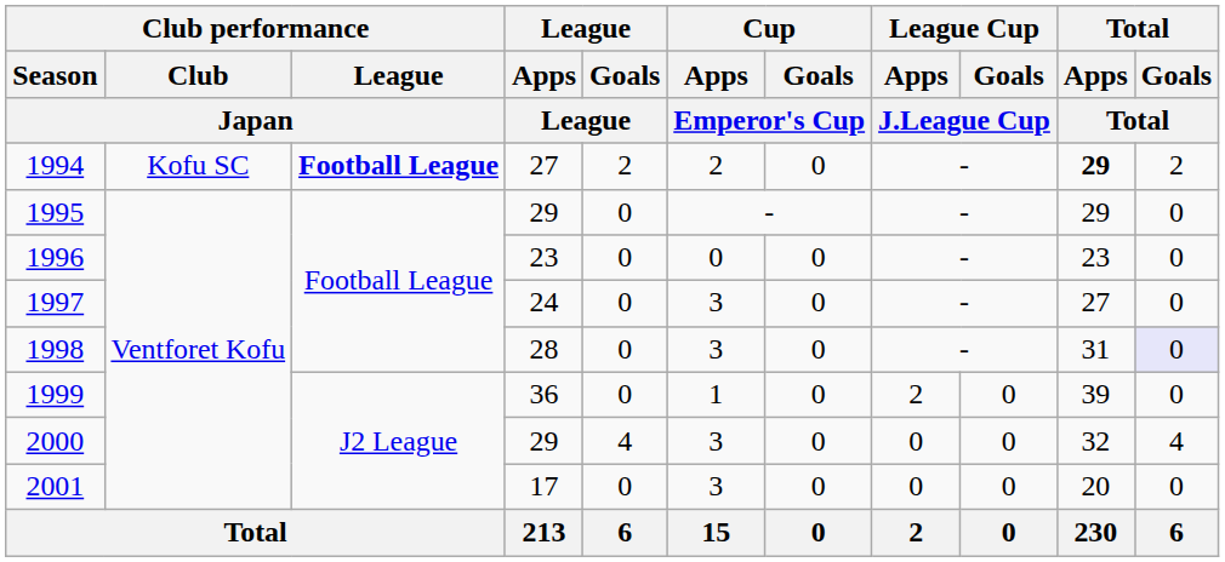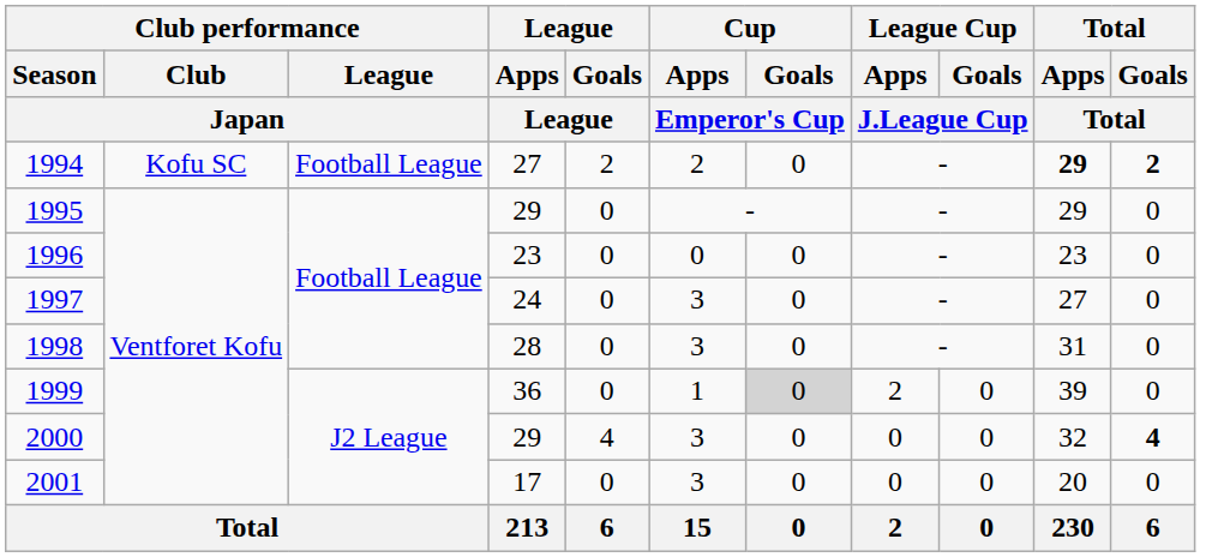 <table class="wikitable" style="text-align:center;">
 <tr>
 <th colspan=3>Club performance</th>
 <th colspan=2>League</th>
 <th colspan=2>Cup</th>
 <th colspan=2>League Cup</th>
 <th colspan=2>Total</th>
 </tr>
 <tr>
 <th>Season</th>
 <th>Club</th>
 <th>League</th>
 <th>Apps</th>
 <th>Goals</th>
 <th>Apps</th>
 <th>Goals</th>
 <th>Apps</th>
 <th>Goals</th>
 <th>Apps</th>
 <th>Goals</th>
 </tr>
 <tr>
 <th colspan=3>Japan</th>
 <th colspan=2>League</th>
 <th colspan=2><a href='#'>Emperor's Cup</a></th>
 <th colspan=2><a href='#'>J.League Cup</a></th>
 <th colspan=2>Total</th>
 </tr>
 <tr>
 <td><a href='#'>1994</a></td>
 <td><a href='#'>Kofu SC</a></td>
-<td><strong><a href='#'>Football League</a></strong></td>
+<td><a href='#'>Football League</a></td>
 <td>27</td>
 <td>2</td>
 <td>2</td>
 <td>0</td>
 <td colspan="2">-</td>
 <td><strong>29</strong></td>
-<td>2</td>
+<td><strong>2</strong></td>
 </tr>
 <tr>
 <td><a href='#'>1995</a></td>
 <td rowspan="7"><a href='#'>Ventforet Kofu</a></td>
 <td rowspan="4"><a href='#'>Football League</a></td>
 <td>29</td>
 <td>0</td>
 <td colspan="2">-</td>
 <td colspan="2">-</td>
 <td>29</td>
 <td>0</td>
 </tr>
 <tr>
 <td><a href='#'>1996</a></td>
 <td>23</td>
 <td>0</td>
 <td>0</td>
 <td>0</td>
 <td colspan="2">-</td>
 <td>23</td>
 <td>0</td>
 </tr>
 <tr>
 <td><a href='#'>1997</a></td>
 <td>24</td>
 <td>0</td>
 <td>3</td>
 <td>0</td>
 <td colspan="2">-</td>
 <td>27</td>
 <td>0</td>
 </tr>
 <tr>
 <td><a href='#'>1998</a></td>
 <td>28</td>
 <td>0</td>
 <td>3</td>
 <td>0</td>
 <td colspan="2">-</td>
 <td>31</td>
-<td style="background: lavender;">0</td>
+<td>0</td>
 </tr>
 <tr>
 <td><a href='#'>1999</a></td>
 <td rowspan="3"><a href='#'>J2 League</a></td>
 <td>36</td>
 <td>0</td>
 <td>1</td>
-<td>0</td>
+<td style="background: lightgrey;">0</td>
 <td>2</td>
 <td>0</td>
 <td>39</td>
 <td>0</td>
 </tr>
 <tr>
 <td><a href='#'>2000</a></td>
 <td>29</td>
 <td>4</td>
 <td>3</td>
 <td>0</td>
 <td>0</td>
 <td>0</td>
 <td>32</td>
-<td>4</td>
+<td><strong>4</strong></td>
 </tr>
 <tr>
 <td><a href='#'>2001</a></td>
 <td>17</td>
 <td>0</td>
 <td>3</td>
 <td>0</td>
 <td>0</td>
 <td>0</td>
 <td>20</td>
 <td>0</td>
 </tr>
 <tr>
 <th colspan=3>Total</th>
 <th>213</th>
 <th>6</th>
 <th>15</th>
 <th>0</th>
 <th>2</th>
 <th>0</th>
 <th>230</th>
 <th>6</th>
 </tr>
 </table>
